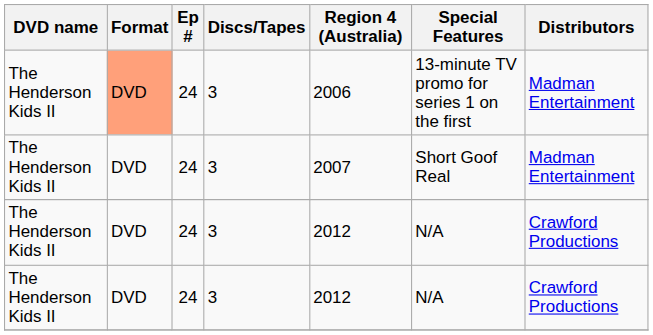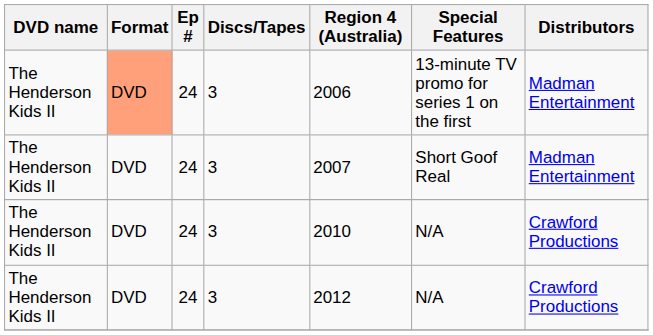 <table class="wikitable">
 <tr>
 <th>DVD name</th>
 <th>Format</th>
 <th>Ep #</th>
 <th>Discs/Tapes</th>
 <th>Region 4 (Australia)</th>
 <th>Special Features</th>
 <th>Distributors</th>
 </tr>
 <tr>
 <td>The Henderson Kids II</td>
 <td style="background: lightsalmon;">DVD</td>
 <td style="text-align:center;">24</td>
 <td>3</td>
 <td>2006</td>
 <td>13-minute TV promo for series 1 on the first</td>
 <td><a href='#'>Madman Entertainment</a></td>
 </tr>
 <tr>
 <td>The Henderson Kids II</td>
 <td>DVD</td>
 <td style="text-align:center;">24</td>
 <td>3</td>
 <td>2007</td>
 <td>Short Goof Real</td>
 <td><a href='#'>Madman Entertainment</a></td>
 </tr>
 <tr>
 </tr>
 <tr>
 <td>The Henderson Kids II</td>
 <td>DVD</td>
 <td style="text-align:center;">24</td>
 <td>3</td>
-<td>2012</td>
+<td>2010</td>
 <td>N/A</td>
 <td><a href='#'>Crawford Productions</a></td>
 </tr>
 <tr>
 <td>The Henderson Kids II</td>
 <td>DVD</td>
 <td style="text-align:center;">24</td>
 <td>3</td>
 <td>2012</td>
 <td>N/A</td>
 <td><a href='#'>Crawford Productions</a></td>
 </tr>
 <tr>
 </tr>
 </table>
